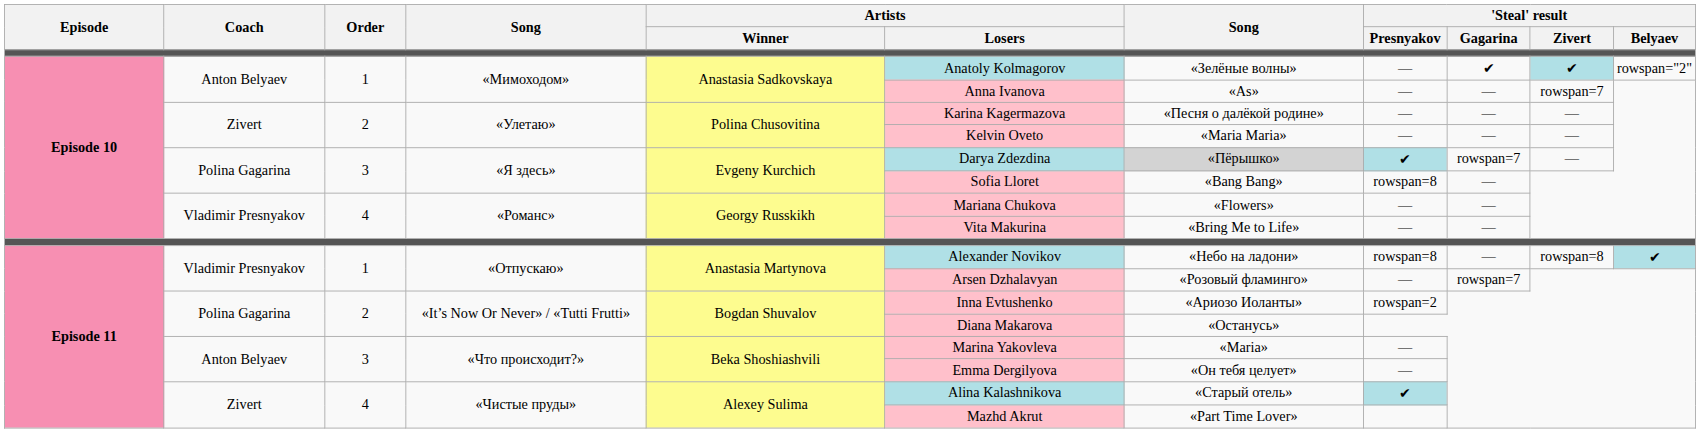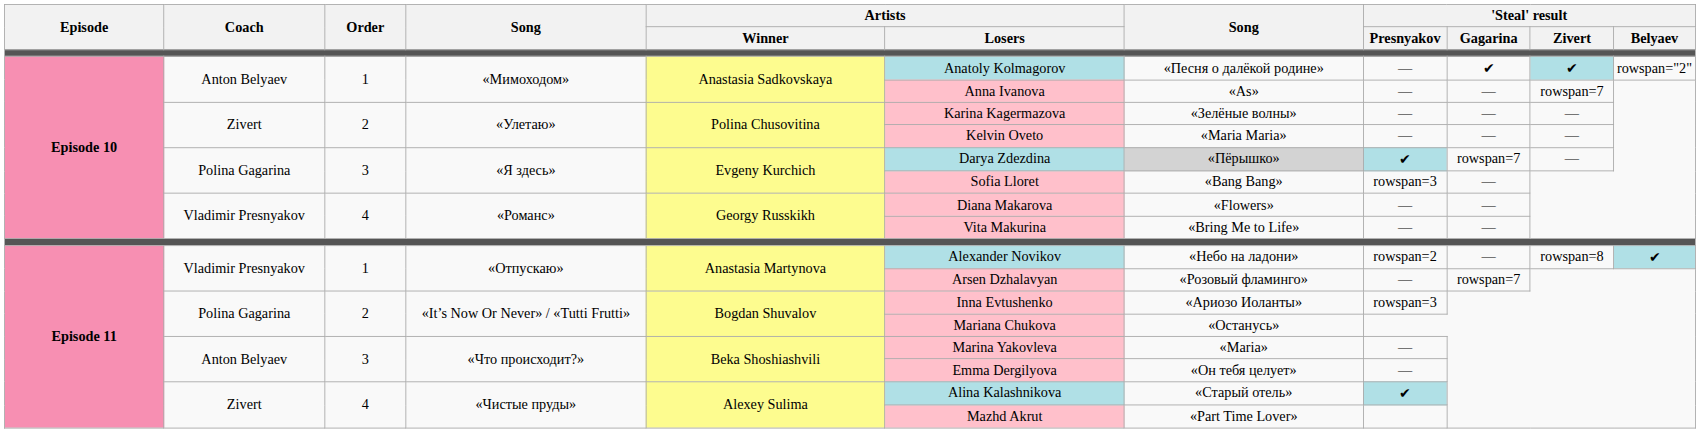 <table class="wikitable" style="text-align: center; width:120%;">
 <tr>
 <th rowspan=2 width="10%">Episode</th>
 <th rowspan=2 width="10%">Coach</th>
 <th rowspan=2 width="5%">Order</th>
 <th rowspan=2 width="15%">Song</th>
 <th colspan=2 width="30%">Artists</th>
 <th rowspan=2 width="15%">Song</th>
 <th colspan="4" style="width:20%;">'Steal' result</th>
 </tr>
 <tr>
 <th width="15%">Winner</th>
 <th width="15%">Losers</th>
 <th style="width:05%;">Presnyakov</th>
 <th style="width:05%;">Gagarina</th>
 <th style="width:05%;">Zivert</th>
 <th style="width:05%;">Belyaev</th>
 </tr>
 <tr>
 <td colspan="11" style="background:#555;"></td>
 </tr>
 <tr>
 <th rowspan=8 style="background:#f78fb2;">Episode 10 <br><small> </small></th>
 <td rowspan=2>Anton Belyaev</td>
 <td rowspan=2>1</td>
 <td rowspan=2>«Мимоходом»</td>
 <td rowspan=2 style="background:#fdfc8f;">Anastasia Sadkovskaya</td>
 <td style="background:#b0e0e6">Anatoly Kolmagorov</td>
-<td>«Зелёные волны»</td>
+<td>«Песня о далёкой родине»</td>
 <td>—</td>
 <td>✔</td>
 <td style="background:#b0e0e6">✔</td>
 <td>rowspan="2" </td>
 </tr>
 <tr>
 <td style="background:pink;">Anna Ivanova</td>
 <td>«As»</td>
 <td>—</td>
 <td>—</td>
 <td>rowspan=7 </td>
 </tr>
 <tr>
 <td rowspan=2>Zivert</td>
 <td rowspan=2>2</td>
 <td rowspan=2>«Улетаю»</td>
 <td rowspan=2 style="background:#fdfc8f;">Polina Chusovitina</td>
 <td style="background:pink">Karina Kagermazova</td>
-<td>«Песня о далёкой родине»</td>
+<td>«Зелёные волны»</td>
 <td>—</td>
 <td>—</td>
 <td>—</td>
 </tr>
 <tr>
 <td style="background:pink">Kelvin Oveto</td>
 <td>«Maria Maria»</td>
 <td>—</td>
 <td>—</td>
 <td>—</td>
 </tr>
 <tr>
 <td rowspan=2>Polina Gagarina</td>
 <td rowspan=2>3</td>
 <td rowspan=2>«Я здесь»</td>
 <td rowspan=2 style="background:#fdfc8f;">Evgeny Kurchich</td>
 <td style="background:#B0E0E6;">Darya Zdezdina</td>
 <td style="background: lightgrey;">«Пёрышко»</td>
 <td style="background:#B0E0E6;">✔</td>
 <td>rowspan=7 </td>
 <td>—</td>
 </tr>
 <tr>
 <td style="background:pink;">Sofia Lloret</td>
 <td>«Bang Bang»</td>
-<td>rowspan=8 </td>
+<td>rowspan=3 </td>
 <td>—</td>
 </tr>
 <tr>
 <td rowspan=2>Vladimir Presnyakov</td>
 <td rowspan=2>4</td>
 <td rowspan=2>«Романс»</td>
 <td rowspan=2 style="background:#fdfc8f;">Georgy Russkikh</td>
-<td style="background:pink;">Mariana Chukova</td>
+<td style=background:pink;>Diana Makarova</td>
 <td>«Flowers»</td>
 <td>—</td>
 <td>—</td>
 </tr>
 <tr>
 <td style="background:pink;">Vita Makurina</td>
 <td>«Bring Me to Life»</td>
 <td>—</td>
 <td>—</td>
 </tr>
 <tr>
 <td colspan=11 style=background:#555;></td>
 </tr>
 <tr>
 <th rowspan=8 style="background:#f78fb2;">Episode 11 <br> <small></small></th>
 <td rowspan=2>Vladimir Presnyakov</td>
 <td rowspan=2>1</td>
 <td rowspan=2>«Отпускаю»</td>
 <td rowspan=2 style=background:#fdfc8f;>Anastasia Martynova</td>
 <td style="background:#B0E0E6;">Alexander Novikov</td>
 <td>«Небо на ладони»</td>
-<td>rowspan=8 </td>
+<td>rowspan=2 </td>
 <td>—</td>
 <td>rowspan=8 </td>
 <td style="background:#B0E0E6;">✔</td>
 </tr>
 <tr>
 <td style=background:pink;>Arsen Dzhalavyan</td>
 <td>«Розовый фламинго»</td>
 <td>—</td>
 <td>rowspan=7 </td>
 </tr>
 <tr>
 <td rowspan=2>Polina Gagarina</td>
 <td rowspan=2>2</td>
 <td rowspan=2>«It’s Now Or Never» / «Tutti Frutti»</td>
 <td rowspan=2 style=background:#fdfc8f;>Bogdan Shuvalov</td>
 <td style=background:pink;>Inna Evtushenko</td>
 <td>«Ариозо Иоланты»</td>
-<td>rowspan=2 </td>
+<td>rowspan=3 </td>
 </tr>
 <tr>
-<td style=background:pink;>Diana Makarova</td>
+<td style="background:pink;">Mariana Chukova</td>
 <td>«Останусь»</td>
 </tr>
 <tr>
 <td rowspan=2>Anton Belyaev</td>
 <td rowspan=2>3</td>
 <td rowspan=2>«Что происходит?»</td>
 <td rowspan=2 style=background:#fdfc8f;>Beka Shoshiashvili</td>
 <td style=background:pink;>Marina Yakovleva</td>
 <td>«Maria»</td>
 <td>—</td>
 </tr>
 <tr>
 <td style=background:pink;>Emma Dergilyova</td>
 <td>«Он тебя целует»</td>
 <td>—</td>
 </tr>
 <tr>
 <td rowspan=2>Zivert</td>
 <td rowspan=2>4</td>
 <td rowspan=2>«Чистые пруды»</td>
 <td rowspan=2 style=background:#fdfc8f;>Alexey Sulima</td>
 <td style="background:#B0E0E6;">Alina Kalashnikova</td>
 <td>«Старый отель»</td>
 <td style="background:#B0E0E6;">✔</td>
 </tr>
 <tr>
 <td style=background:pink;>Mazhd Akrut</td>
 <td>«Part Time Lover»</td>
 <td></td>
 </tr>
 </table>
